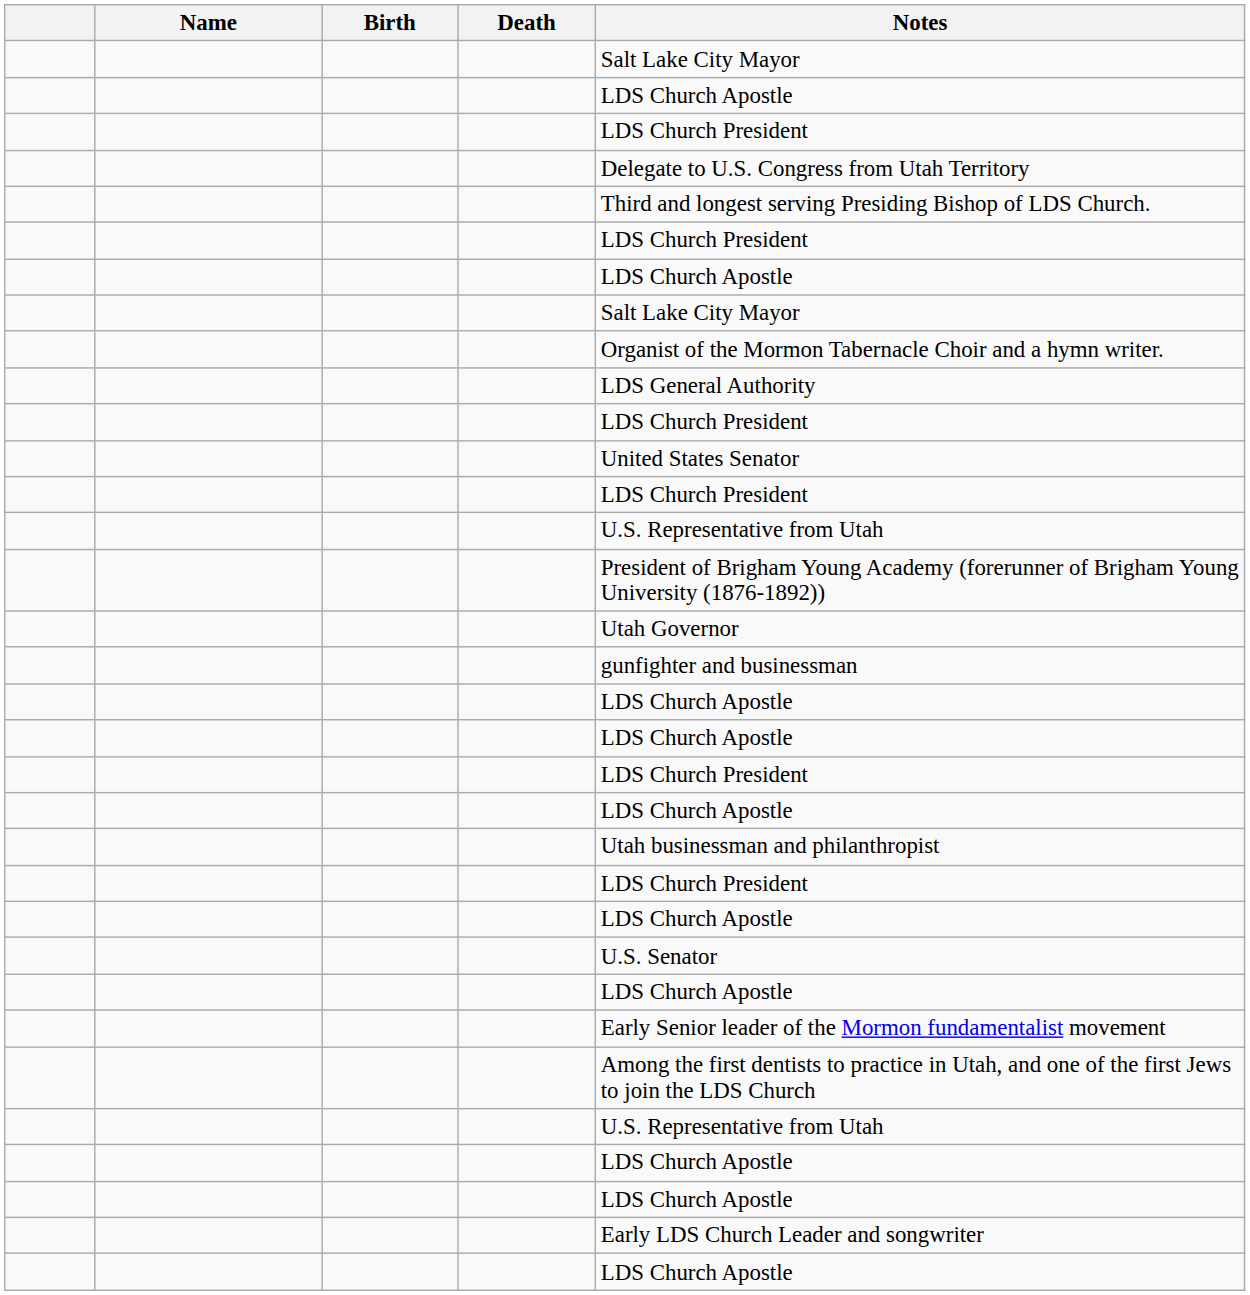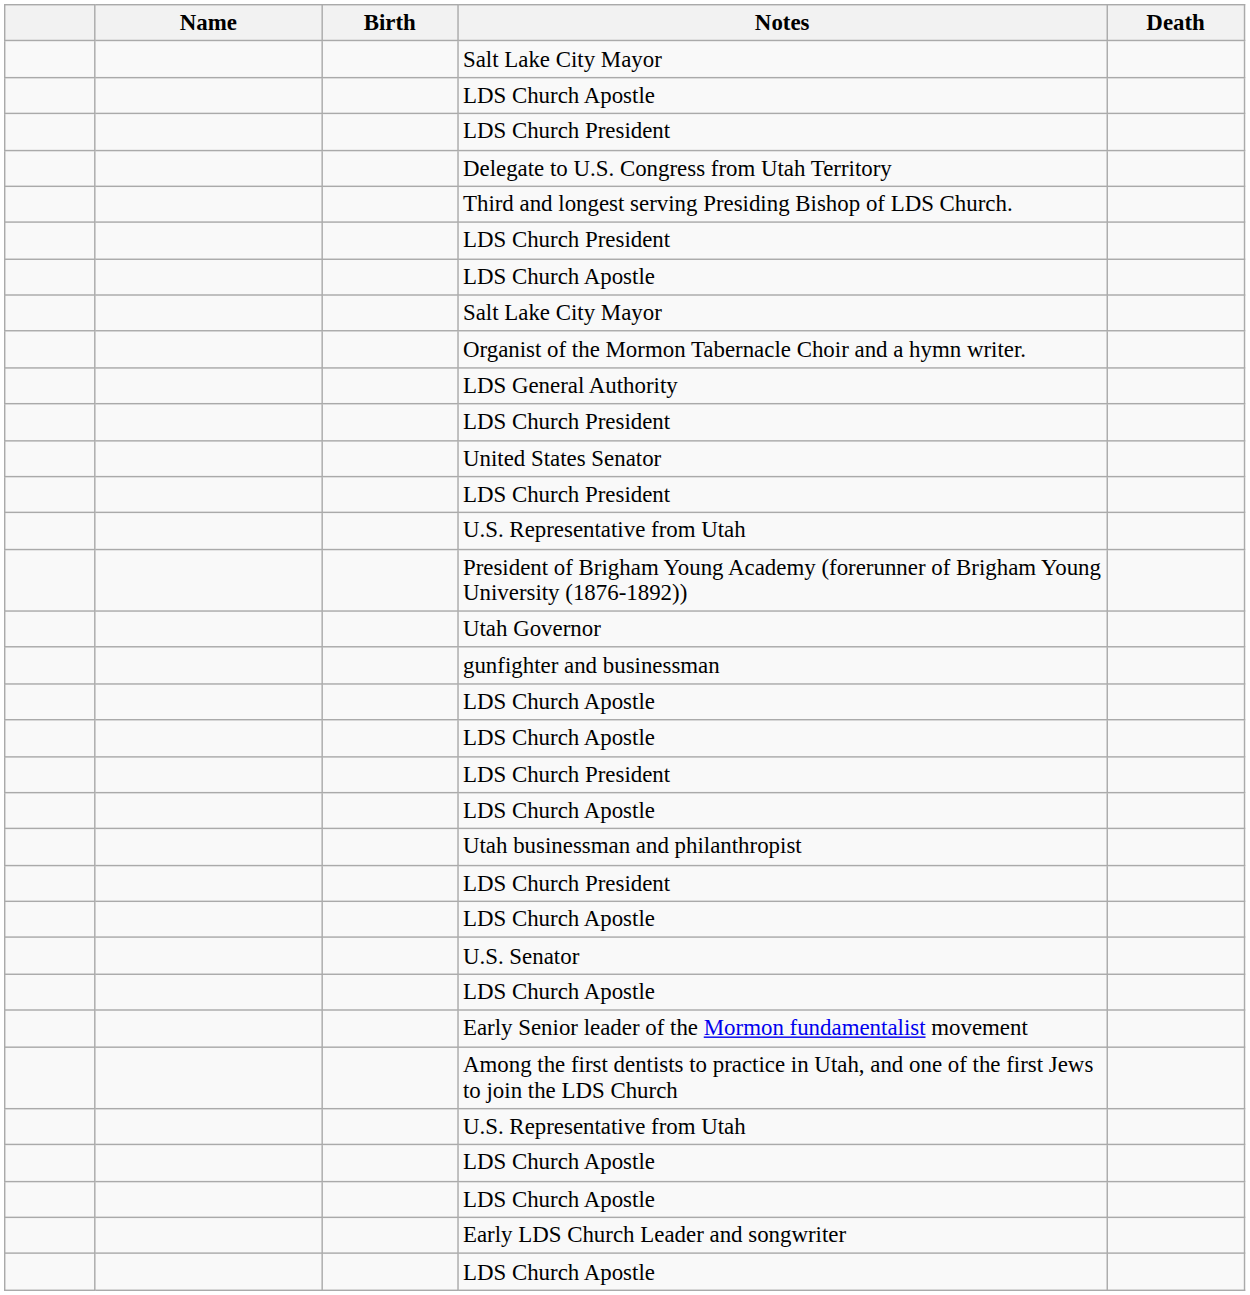 <table class="wikitable sortable">
 <tr>
 <th width="80" class="unsortable"></th>
 <th width="200">Name</th>
 <th width="110">Birth</th>
+<th width="600" class="unsortable">Notes</th>
 <th width="110">Death</th>
-<th width="600" class="unsortable">Notes</th>
 </tr>
 <tr>
 <td></td>
 <td></td>
 <td></td>
+<td>Salt Lake City Mayor</td>
 <td></td>
-<td>Salt Lake City Mayor</td>
 </tr>
 <tr>
 <td></td>
 <td></td>
 <td></td>
+<td>LDS Church Apostle</td>
 <td></td>
-<td>LDS Church Apostle</td>
 </tr>
 <tr>
 <td></td>
 <td></td>
 <td></td>
+<td>LDS Church President</td>
 <td></td>
-<td>LDS Church President</td>
 </tr>
 <tr>
 <td></td>
 <td></td>
 <td></td>
+<td>Delegate to U.S. Congress from Utah Territory</td>
 <td></td>
-<td>Delegate to U.S. Congress from Utah Territory</td>
 </tr>
 <tr>
 <td></td>
 <td></td>
 <td></td>
+<td>Third and longest serving Presiding Bishop of LDS Church.</td>
 <td></td>
-<td>Third and longest serving Presiding Bishop of LDS Church.</td>
 </tr>
 <tr>
 <td></td>
 <td></td>
 <td></td>
+<td>LDS Church President</td>
 <td></td>
-<td>LDS Church President</td>
 </tr>
 <tr>
 <td></td>
 <td></td>
 <td></td>
+<td>LDS Church Apostle</td>
 <td></td>
-<td>LDS Church Apostle</td>
 </tr>
 <tr>
 <td></td>
 <td></td>
 <td></td>
+<td>Salt Lake City Mayor</td>
 <td></td>
-<td>Salt Lake City Mayor</td>
 </tr>
 <tr>
 <td></td>
 <td></td>
 <td></td>
+<td>Organist of the Mormon Tabernacle Choir and a hymn writer.</td>
 <td></td>
-<td>Organist of the Mormon Tabernacle Choir and a hymn writer.</td>
 </tr>
 <tr>
 <td></td>
 <td></td>
 <td></td>
+<td>LDS General Authority</td>
 <td></td>
-<td>LDS General Authority</td>
 </tr>
 <tr>
 <td></td>
 <td></td>
 <td></td>
+<td>LDS Church President</td>
 <td></td>
-<td>LDS Church President</td>
 </tr>
 <tr>
 <td></td>
 <td></td>
 <td></td>
+<td>United States Senator</td>
 <td></td>
-<td>United States Senator</td>
 </tr>
 <tr>
 <td></td>
 <td></td>
 <td></td>
+<td>LDS Church President</td>
 <td></td>
-<td>LDS Church President</td>
 </tr>
 <tr>
 <td></td>
 <td></td>
 <td></td>
+<td>U.S. Representative from Utah</td>
 <td></td>
-<td>U.S. Representative from Utah</td>
 </tr>
 <tr>
 <td></td>
 <td></td>
 <td></td>
+<td>President of Brigham Young Academy (forerunner of Brigham Young University (1876-1892))</td>
 <td></td>
-<td>President of Brigham Young Academy (forerunner of Brigham Young University (1876-1892))</td>
 </tr>
 <tr>
 <td></td>
 <td></td>
 <td></td>
+<td>Utah Governor</td>
 <td></td>
-<td>Utah Governor</td>
 </tr>
 <tr>
 <td></td>
 <td></td>
 <td></td>
+<td>gunfighter and businessman</td>
 <td></td>
-<td>gunfighter and businessman</td>
 </tr>
 <tr>
 <td></td>
 <td></td>
 <td></td>
+<td>LDS Church Apostle</td>
 <td></td>
-<td>LDS Church Apostle</td>
 </tr>
 <tr>
 <td></td>
 <td></td>
 <td></td>
+<td>LDS Church Apostle</td>
 <td></td>
-<td>LDS Church Apostle</td>
 </tr>
 <tr>
 <td></td>
 <td></td>
 <td></td>
+<td>LDS Church President</td>
 <td></td>
-<td>LDS Church President</td>
 </tr>
 <tr>
 <td></td>
 <td></td>
 <td></td>
+<td>LDS Church Apostle</td>
 <td></td>
-<td>LDS Church Apostle</td>
 </tr>
 <tr>
 <td></td>
 <td></td>
 <td></td>
+<td>Utah businessman and philanthropist</td>
 <td></td>
-<td>Utah businessman and philanthropist</td>
 </tr>
 <tr>
 <td></td>
 <td></td>
 <td></td>
+<td>LDS Church President</td>
 <td></td>
-<td>LDS Church President</td>
 </tr>
 <tr>
 <td></td>
 <td></td>
 <td></td>
+<td>LDS Church Apostle</td>
 <td></td>
-<td>LDS Church Apostle</td>
 </tr>
 <tr>
 <td></td>
 <td></td>
 <td></td>
+<td>U.S. Senator</td>
 <td></td>
-<td>U.S. Senator</td>
 </tr>
 <tr>
 <td></td>
 <td></td>
 <td></td>
+<td>LDS Church Apostle</td>
 <td></td>
-<td>LDS Church Apostle</td>
 </tr>
 <tr>
 <td></td>
 <td></td>
 <td></td>
+<td>Early Senior leader of the <a href='#'>Mormon fundamentalist</a> movement</td>
 <td></td>
-<td>Early Senior leader of the <a href='#'>Mormon fundamentalist</a> movement</td>
 </tr>
 <tr>
 <td></td>
 <td></td>
 <td></td>
+<td>Among the first dentists to practice in Utah, and one of the first Jews to join the LDS Church</td>
 <td></td>
-<td>Among the first dentists to practice in Utah, and one of the first Jews to join the LDS Church</td>
 </tr>
 <tr>
 <td></td>
 <td></td>
 <td></td>
+<td>U.S. Representative from Utah</td>
 <td></td>
-<td>U.S. Representative from Utah</td>
 </tr>
 <tr>
 <td></td>
 <td></td>
 <td></td>
+<td>LDS Church Apostle</td>
 <td></td>
-<td>LDS Church Apostle</td>
 </tr>
 <tr>
 <td></td>
 <td></td>
 <td></td>
+<td>LDS Church Apostle</td>
 <td></td>
-<td>LDS Church Apostle</td>
 </tr>
 <tr>
 <td></td>
 <td></td>
 <td></td>
+<td>Early LDS Church Leader and songwriter</td>
 <td></td>
-<td>Early LDS Church Leader and songwriter</td>
 </tr>
 <tr>
 <td></td>
 <td></td>
 <td></td>
+<td>LDS Church Apostle</td>
 <td></td>
-<td>LDS Church Apostle</td>
 </tr>
 </table>
